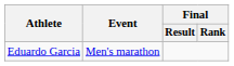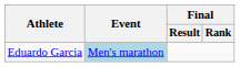 <table class="wikitable" style="font-size:90%">
 <tr>
 <th rowspan="2">Athlete</th>
 <th rowspan="2">Event</th>
 <th colspan="2">Final</th>
 </tr>
 <tr style="font-size:95%">
 <th>Result</th>
 <th>Rank</th>
 </tr>
 <tr align=center>
 <td align=left><a href='#'>Eduardo Garcia</a></td>
-<td align=left><a href='#'>Men's marathon</a></td>
+<td align=left style="background: lightblue;"><a href='#'>Men's marathon</a></td>
 <td colspan=2></td>
 </tr>
 </table>
